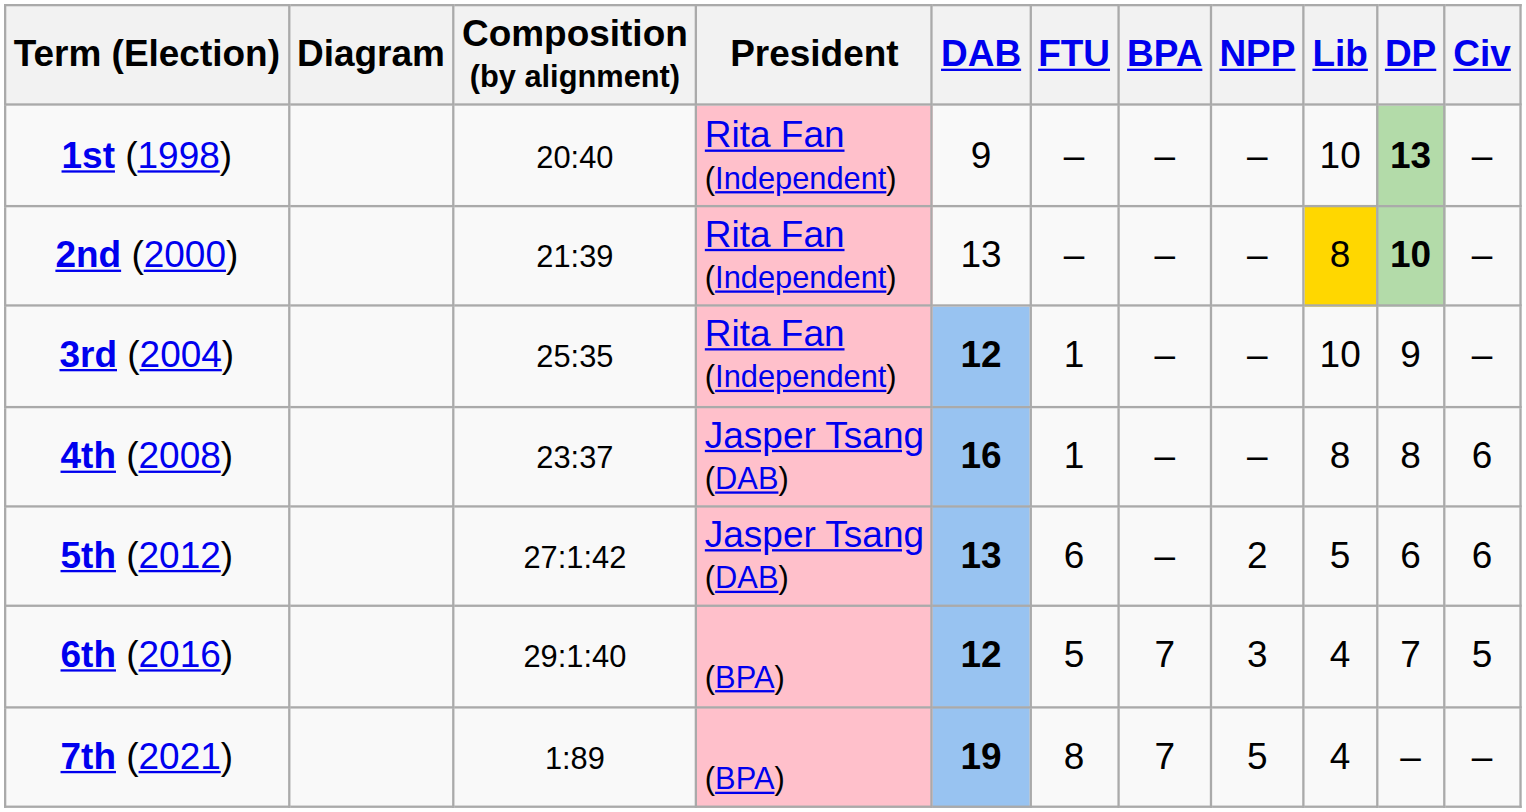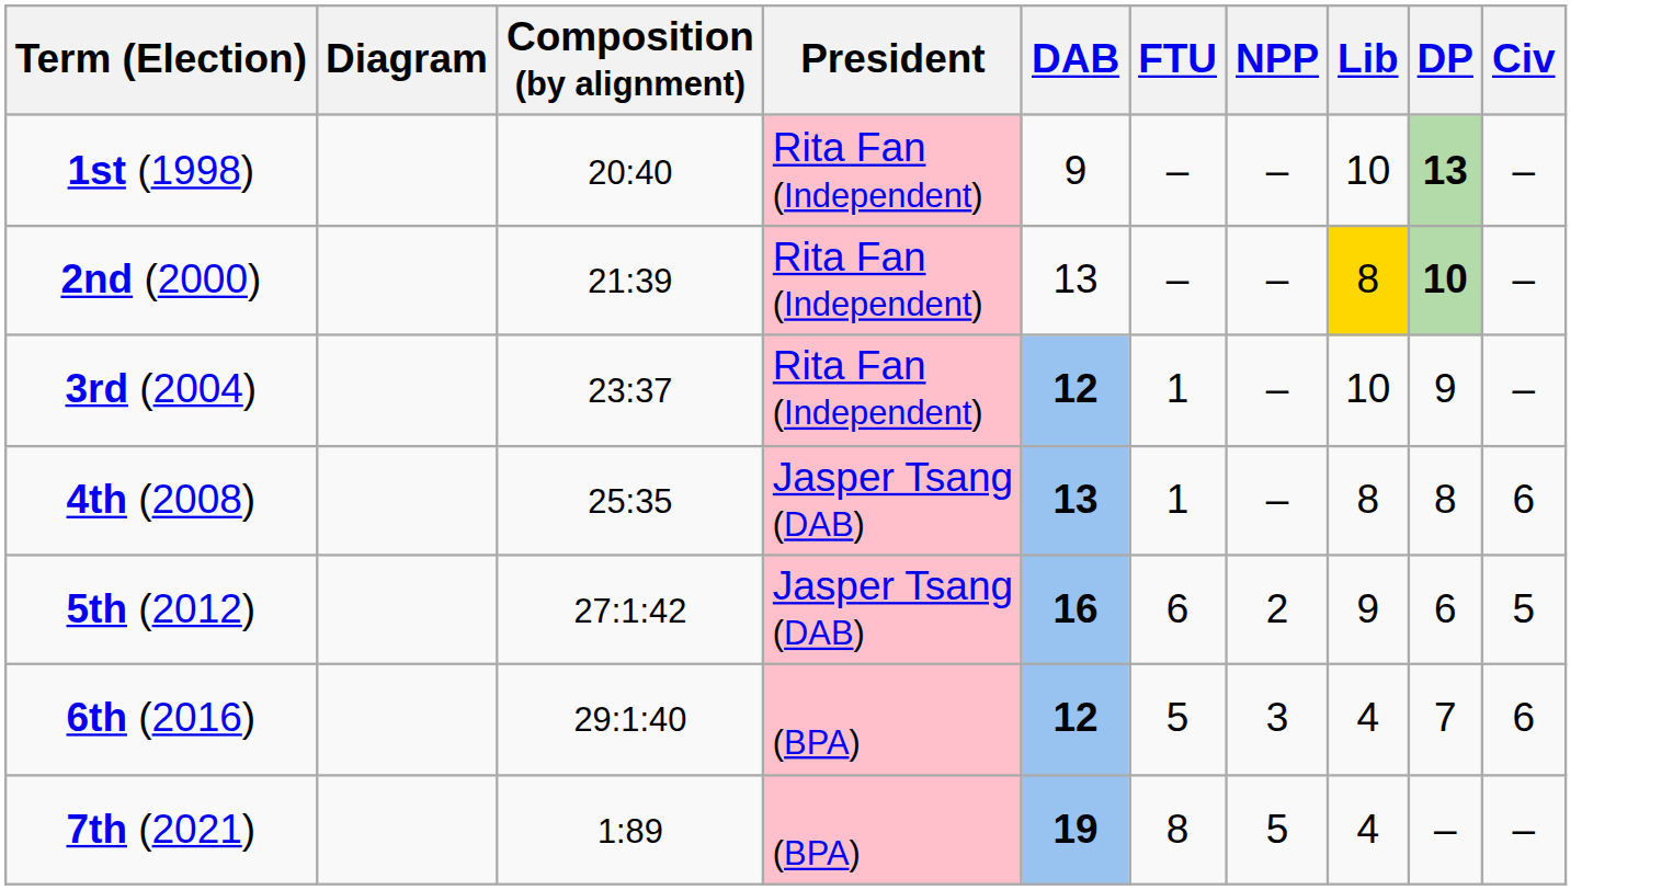 <table class="wikitable" style="font-size:100%; text-align:center">
 <tr align=center>
 <th>Term (Election)</th>
 <th>Diagram</th>
 <th>Composition<br><small>(by alignment)</small></th>
 <th>President</th>
 <th style="background:"><a href='#'><span>DAB</span></a></th>
 <th style="background:"><a href='#'><span>FTU</span></a></th>
-<th style="background:"><a href='#'><span>BPA</span></a></th>
 <th style="background:"><a href='#'><span>NPP</span></a></th>
 <th style="background:"><a href='#'><span>Lib</span></a></th>
 <th style="background:"><a href='#'><span>DP</span></a></th>
 <th style="background:"><a href='#'><span>Civ</span></a></th>
 </tr>
 <tr>
 <td align=center><strong><a href='#'>1st</a></strong> (<a href='#'>1998</a>)</td>
 <td></td>
 <td><small><span>20</span>:<span>40</span></small><br></td>
 <td bgcolor="Pink" align=left><a href='#'>Rita Fan</a><br><small>(<a href='#'>Independent</a>)</small></td>
 <td>9</td>
-<td>–</td>
 <td>–</td>
 <td>–</td>
 <td>10</td>
 <td bgcolor=#b3dba9><strong>13</strong></td>
 <td>–</td>
 </tr>
 <tr>
 <td align=center><strong><a href='#'>2nd</a></strong> (<a href='#'>2000</a>)</td>
 <td></td>
 <td><small><span>21</span>:<span>39</span></small><br></td>
 <td bgcolor="Pink" align=left><a href='#'>Rita Fan</a><br><small>(<a href='#'>Independent</a>)</small></td>
 <td>13</td>
 <td>–</td>
 <td>–</td>
-<td>–</td>
 <td style="background: gold;">8</td>
 <td bgcolor=#b3dba9><strong>10</strong></td>
 <td>–</td>
 </tr>
 <tr>
 <td align=center><strong><a href='#'>3rd</a></strong> (<a href='#'>2004</a>)</td>
 <td></td>
-<td><small><span>25</span>:<span>35</span></small><br></td>
+<td><small><span>23</span>:<span>37</span></small><br></td>
 <td bgcolor="Pink" align=left><a href='#'>Rita Fan</a><br><small>(<a href='#'>Independent</a>)</small></td>
 <td bgcolor=#98c3f1><strong>12</strong></td>
 <td>1</td>
-<td>–</td>
 <td>–</td>
 <td>10</td>
 <td>9</td>
 <td>–</td>
 </tr>
 <tr>
 <td align=center><strong><a href='#'>4th</a></strong> (<a href='#'>2008</a>)</td>
 <td></td>
-<td><small><span>23</span>:<span>37</span></small><br></td>
+<td><small><span>25</span>:<span>35</span></small><br></td>
 <td bgcolor="Pink" align=left><a href='#'>Jasper Tsang</a><br><small>(<a href='#'>DAB</a>)</small></td>
-<td bgcolor=#98c3f1><strong>16</strong></td>
+<td bgcolor=#98c3f1><strong>13</strong></td>
 <td>1</td>
-<td>–</td>
 <td>–</td>
 <td>8</td>
 <td>8</td>
 <td>6</td>
 </tr>
 <tr>
 <td align=center><strong><a href='#'>5th</a></strong> (<a href='#'>2012</a>)</td>
 <td></td>
 <td><small><span>27</span>:<span>1</span>:<span>42</span></small><br></td>
 <td bgcolor="Pink" align=left><a href='#'>Jasper Tsang</a><br><small>(<a href='#'>DAB</a>)</small></td>
-<td bgcolor=#98c3f1><strong>13</strong></td>
+<td bgcolor=#98c3f1><strong>16</strong></td>
 <td>6</td>
-<td>–</td>
 <td>2</td>
+<td>9</td>
+<td>6</td>
 <td>5</td>
-<td>6</td>
-<td>6</td>
 </tr>
 <tr>
 <td align=center><strong><a href='#'>6th</a></strong> (<a href='#'>2016</a>)</td>
 <td></td>
 <td><small><span>29</span>:<span>1</span>:<span>40</span></small><br></td>
 <td bgcolor="Pink" align=left><br><small>(<a href='#'>BPA</a>)</small></td>
 <td bgcolor=#98c3f1><strong>12</strong></td>
 <td>5</td>
-<td>7</td>
 <td>3</td>
 <td>4</td>
 <td>7</td>
-<td>5</td>
+<td>6</td>
 </tr>
 <tr>
 <td align=center><strong><a href='#'>7th</a></strong> (<a href='#'>2021</a>)</td>
 <td></td>
 <td><small><span>1</span>:<span>89</span></small><br></td>
 <td bgcolor="Pink" align=left><br><small>(<a href='#'>BPA</a>)</small></td>
 <td bgcolor=#98c3f1><strong>19</strong></td>
 <td>8</td>
-<td>7</td>
 <td>5</td>
 <td>4</td>
 <td>–</td>
 <td>–</td>
 </tr>
 </table>
